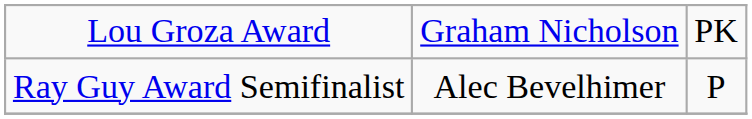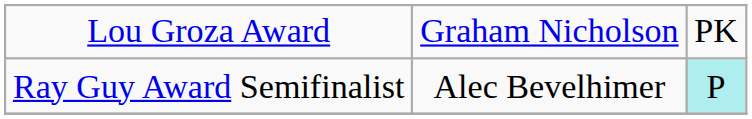 <table class="wikitable sortable sortable" style="text-align: center">
 <tr>
 <td><a href='#'>Lou Groza Award</a></td>
 <td><a href='#'>Graham Nicholson</a></td>
 <td>PK</td>
 </tr>
 <tr>
 <td><a href='#'>Ray Guy Award</a> Semifinalist</td>
 <td>Alec Bevelhimer</td>
-<td>P</td>
+<td style="background: paleturquoise;">P</td>
 </tr>
 <tr>
 </tr>
 </table>
